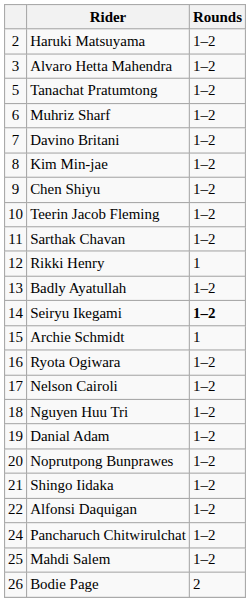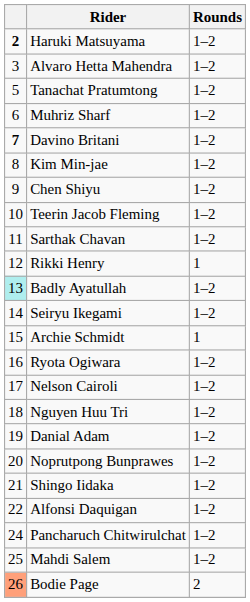 <table class="wikitable" style="font-size: 85%;">
 <tr>
 <th></th>
 <th>Rider</th>
 <th>Rounds</th>
 </tr>
 <tr>
-<td align="center">2</td>
+<td align="center"><strong>2</strong></td>
 <td> Haruki Matsuyama</td>
 <td>1–2</td>
 </tr>
 <tr>
 <td align="center">3</td>
 <td> Alvaro Hetta Mahendra</td>
 <td>1–2</td>
 </tr>
 <tr>
 <td align="center">5</td>
 <td> Tanachat Pratumtong</td>
 <td>1–2</td>
 </tr>
 <tr>
 <td align="center">6</td>
 <td> Muhriz Sharf</td>
 <td>1–2</td>
 </tr>
 <tr>
-<td align="center">7</td>
+<td align="center"><strong>7</strong></td>
 <td> Davino Britani</td>
 <td>1–2</td>
 </tr>
 <tr>
 <td align="center">8</td>
 <td> Kim Min-jae</td>
 <td>1–2</td>
 </tr>
 <tr>
 <td align="center">9</td>
 <td> Chen Shiyu</td>
 <td>1–2</td>
 </tr>
 <tr>
 <td align="center">10</td>
 <td> Teerin Jacob Fleming</td>
 <td>1–2</td>
 </tr>
 <tr>
 <td align="center">11</td>
 <td> Sarthak Chavan</td>
 <td>1–2</td>
 </tr>
 <tr>
 <td align="center">12</td>
 <td> Rikki Henry</td>
 <td>1</td>
 </tr>
 <tr>
-<td align="center">13</td>
+<td align="center" style="background: paleturquoise;">13</td>
 <td> Badly Ayatullah</td>
 <td>1–2</td>
 </tr>
 <tr>
 <td align="center">14</td>
 <td> Seiryu Ikegami</td>
-<td><strong>1–2</strong></td>
+<td>1–2</td>
 </tr>
 <tr>
 <td align="center">15</td>
 <td> Archie Schmidt</td>
 <td>1</td>
 </tr>
 <tr>
 <td align="center">16</td>
 <td> Ryota Ogiwara</td>
 <td>1–2</td>
 </tr>
 <tr>
 <td align="center">17</td>
 <td> Nelson Cairoli</td>
 <td>1–2</td>
 </tr>
 <tr>
 <td align="center">18</td>
 <td> Nguyen Huu Tri</td>
 <td>1–2</td>
 </tr>
 <tr>
 <td align="center">19</td>
 <td> Danial Adam</td>
 <td>1–2</td>
 </tr>
 <tr>
 <td align="center">20</td>
 <td> Noprutpong Bunprawes</td>
 <td>1–2</td>
 </tr>
 <tr>
 <td align="center">21</td>
 <td> Shingo Iidaka</td>
 <td>1–2</td>
 </tr>
 <tr>
 <td align="center">22</td>
 <td> Alfonsi Daquigan</td>
 <td>1–2</td>
 </tr>
 <tr>
 <td align="center">24</td>
 <td> Pancharuch Chitwirulchat</td>
 <td>1–2</td>
 </tr>
 <tr>
 <td align="center">25</td>
 <td> Mahdi Salem</td>
 <td>1–2</td>
 </tr>
 <tr>
-<td align="center">26</td>
+<td align="center" style="background: lightsalmon;">26</td>
 <td> Bodie Page</td>
 <td>2</td>
 </tr>
 <tr>
 </tr>
 </table>
